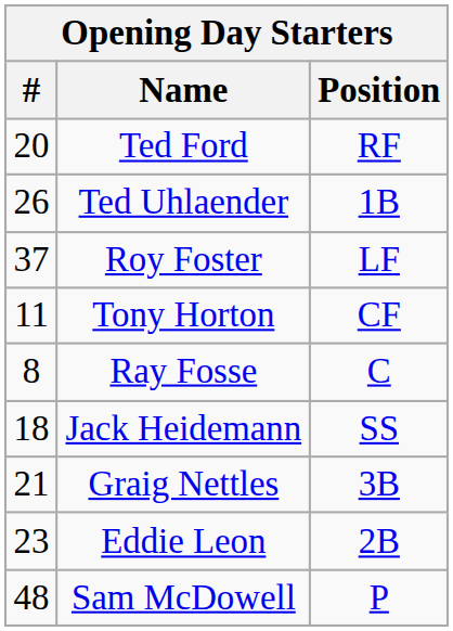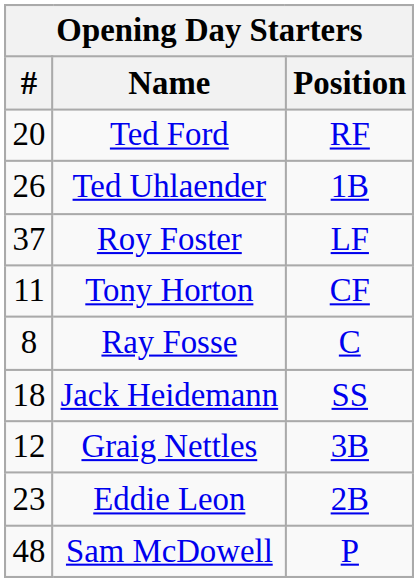 <table class="wikitable" style="text-align:center">
 <tr>
 <th colspan="3">Opening Day Starters</th>
 </tr>
 <tr>
 <th>#</th>
 <th>Name</th>
 <th>Position</th>
 </tr>
 <tr>
 <td>20</td>
 <td><a href='#'>Ted Ford</a></td>
 <td><a href='#'>RF</a></td>
 </tr>
 <tr>
 <td>26</td>
 <td><a href='#'>Ted Uhlaender</a></td>
 <td><a href='#'>1B</a></td>
 </tr>
 <tr>
 <td>37</td>
 <td><a href='#'>Roy Foster</a></td>
 <td><a href='#'>LF</a></td>
 </tr>
 <tr>
 <td>11</td>
 <td><a href='#'>Tony Horton</a></td>
 <td><a href='#'>CF</a></td>
 </tr>
 <tr>
 <td>8</td>
 <td><a href='#'>Ray Fosse</a></td>
 <td><a href='#'>C</a></td>
 </tr>
 <tr>
 <td>18</td>
 <td><a href='#'>Jack Heidemann</a></td>
 <td><a href='#'>SS</a></td>
 </tr>
 <tr>
-<td>21</td>
+<td>12</td>
 <td><a href='#'>Graig Nettles</a></td>
 <td><a href='#'>3B</a></td>
 </tr>
 <tr>
 <td>23</td>
 <td><a href='#'>Eddie Leon</a></td>
 <td><a href='#'>2B</a></td>
 </tr>
 <tr>
 <td>48</td>
 <td><a href='#'>Sam McDowell</a></td>
 <td><a href='#'>P</a></td>
 </tr>
 </table>
